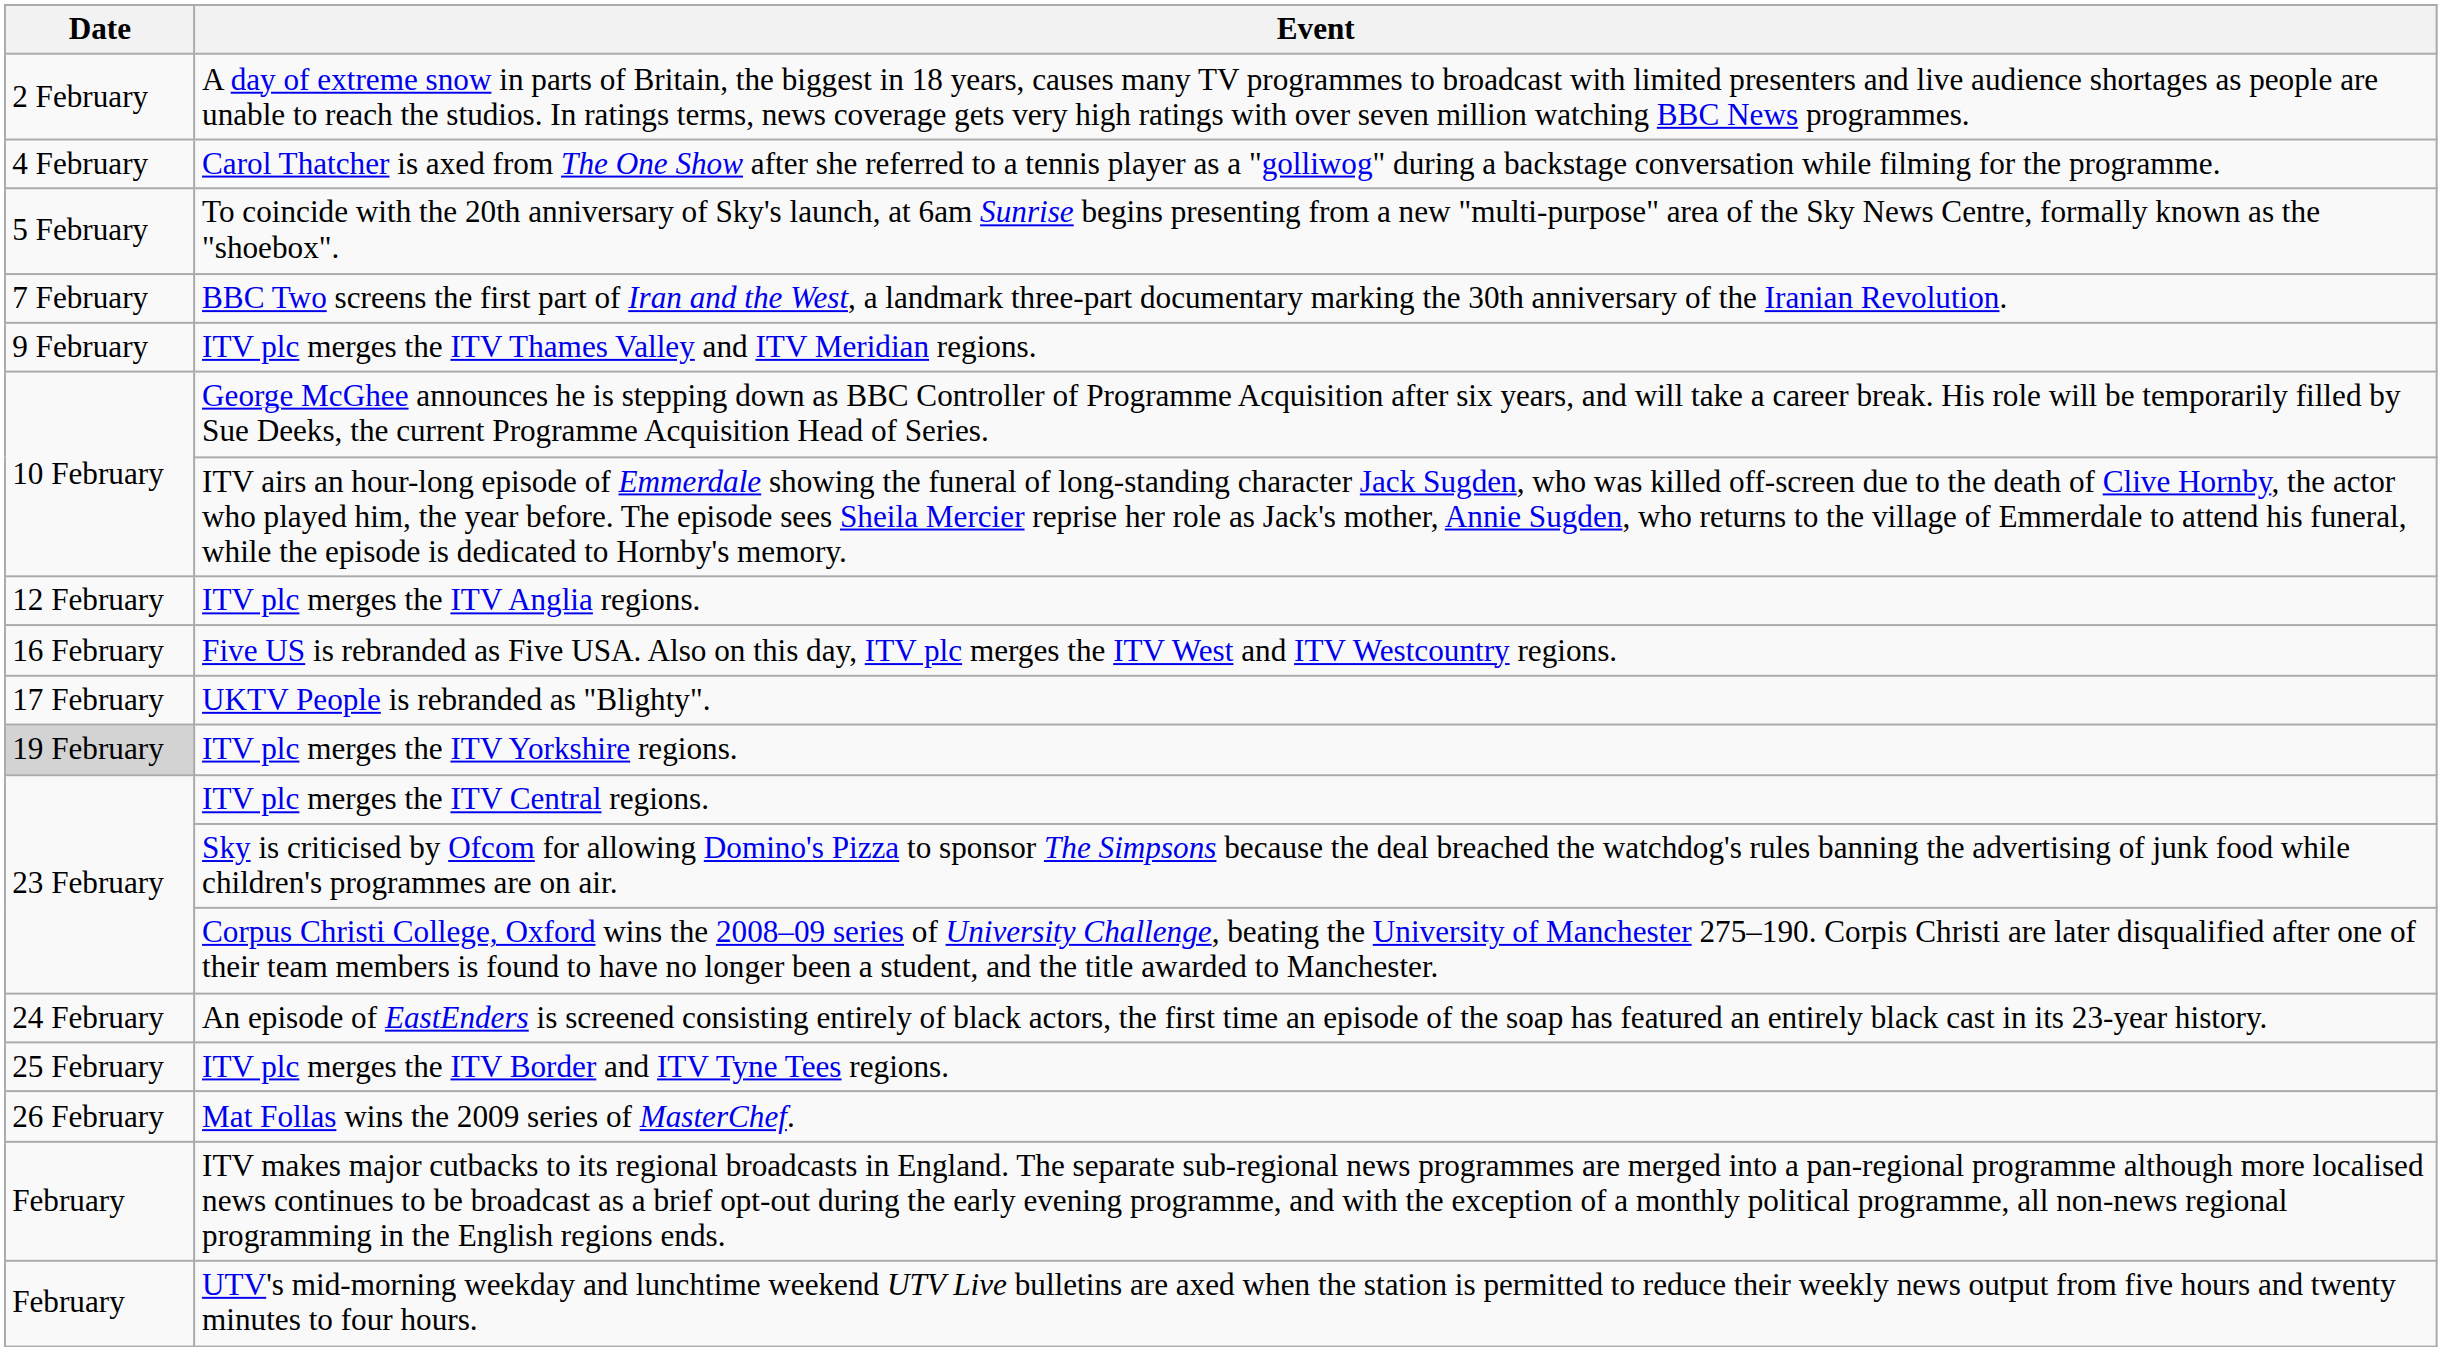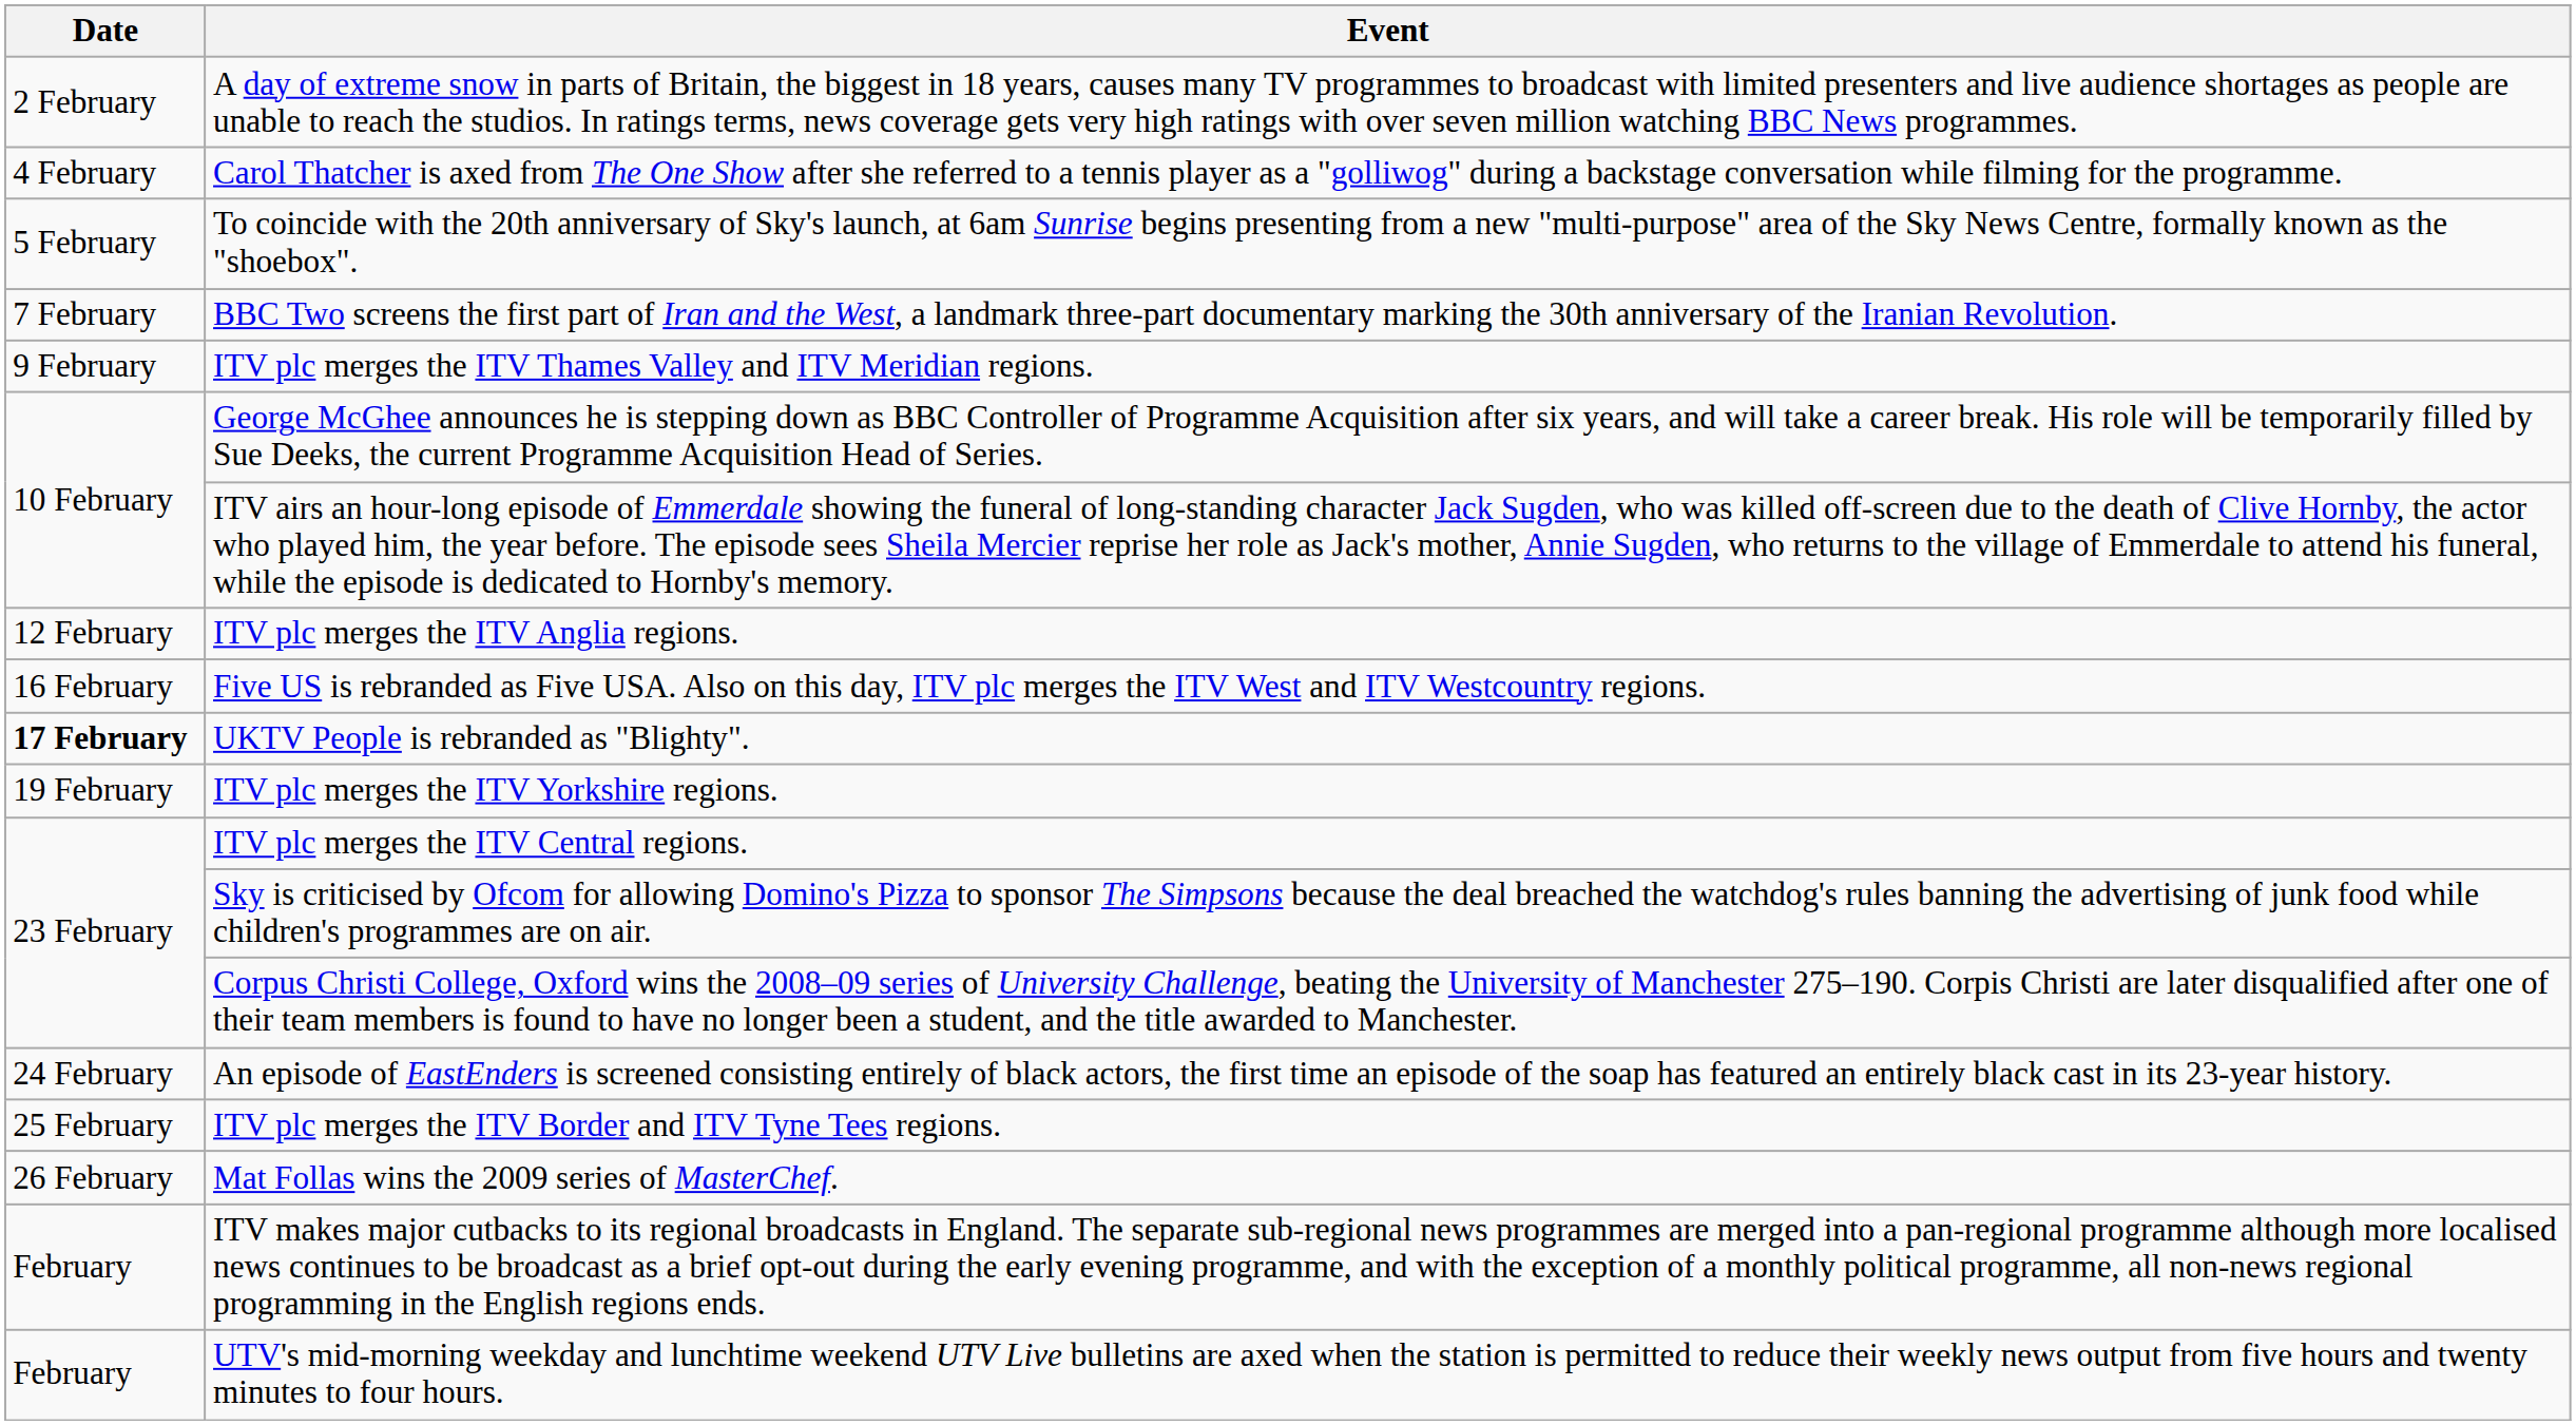 <table class="wikitable">
 <tr>
 <th width=90>Date</th>
 <th>Event</th>
 </tr>
 <tr>
 <td>2 February</td>
 <td>A <a href='#'>day of extreme snow</a> in parts of Britain, the biggest in 18 years, causes many TV programmes to broadcast with limited presenters and live audience shortages as people are unable to reach the studios. In ratings terms, news coverage gets very high ratings with over seven million watching <a href='#'>BBC News</a> programmes.</td>
 </tr>
 <tr>
 <td>4 February</td>
 <td><a href='#'>Carol Thatcher</a> is axed from <em><a href='#'>The One Show</a></em> after she referred to a tennis player as a "<a href='#'>golliwog</a>" during a backstage conversation while filming for the programme.</td>
 </tr>
 <tr>
 <td>5 February</td>
 <td>To coincide with the 20th anniversary of Sky's launch, at 6am <em><a href='#'>Sunrise</a></em> begins presenting from a new "multi-purpose" area of the Sky News Centre, formally known as the "shoebox".</td>
 </tr>
 <tr>
 <td>7 February</td>
 <td><a href='#'>BBC Two</a> screens the first part of <em><a href='#'>Iran and the West</a></em>, a landmark three-part documentary marking the 30th anniversary of the <a href='#'>Iranian Revolution</a>.</td>
 </tr>
 <tr>
 <td>9 February</td>
 <td><a href='#'>ITV plc</a> merges the <a href='#'>ITV Thames Valley</a> and <a href='#'>ITV Meridian</a> regions.</td>
 </tr>
 <tr>
 <td rowspan=2>10 February</td>
 <td><a href='#'>George McGhee</a> announces he is stepping down as BBC Controller of Programme Acquisition after six years, and will take a career break. His role will be temporarily filled by Sue Deeks, the current Programme Acquisition Head of Series.</td>
 </tr>
 <tr>
 <td>ITV airs an hour-long episode of <em><a href='#'>Emmerdale</a></em> showing the funeral of long-standing character <a href='#'>Jack Sugden</a>, who was killed off-screen due to the death of <a href='#'>Clive Hornby</a>, the actor who played him, the year before. The episode sees <a href='#'>Sheila Mercier</a> reprise her role as Jack's mother, <a href='#'>Annie Sugden</a>, who returns to the village of Emmerdale to attend his funeral, while the episode is dedicated to Hornby's memory.</td>
 </tr>
 <tr>
 <td>12 February</td>
 <td><a href='#'>ITV plc</a> merges the <a href='#'>ITV Anglia</a> regions.</td>
 </tr>
 <tr>
 <td>16 February</td>
 <td><a href='#'>Five US</a> is rebranded as Five USA. Also on this day, <a href='#'>ITV plc</a> merges the <a href='#'>ITV West</a> and <a href='#'>ITV Westcountry</a> regions.</td>
 </tr>
 <tr>
-<td>17 February</td>
+<td><strong>17 February</strong></td>
 <td><a href='#'>UKTV People</a> is rebranded as "Blighty".</td>
 </tr>
 <tr>
-<td style="background: lightgrey;">19 February</td>
+<td>19 February</td>
 <td><a href='#'>ITV plc</a> merges the <a href='#'>ITV Yorkshire</a> regions.</td>
 </tr>
 <tr>
 <td rowspan=3>23 February</td>
 <td><a href='#'>ITV plc</a> merges the <a href='#'>ITV Central</a> regions.</td>
 </tr>
 <tr>
 <td><a href='#'>Sky</a> is criticised by <a href='#'>Ofcom</a> for allowing <a href='#'>Domino's Pizza</a> to sponsor <em><a href='#'>The Simpsons</a></em> because the deal breached the watchdog's rules banning the advertising of junk food while children's programmes are on air.</td>
 </tr>
 <tr>
 <td><a href='#'>Corpus Christi College, Oxford</a> wins the <a href='#'>2008–09 series</a> of <em><a href='#'>University Challenge</a></em>, beating the <a href='#'>University of Manchester</a> 275–190. Corpis Christi are later disqualified after one of their team members is found to have no longer been a student, and the title awarded to Manchester.</td>
 </tr>
 <tr>
 <td>24 February</td>
 <td>An episode of <em><a href='#'>EastEnders</a></em> is screened consisting entirely of black actors, the first time an episode of the soap has featured an entirely black cast in its 23-year history.</td>
 </tr>
 <tr>
 <td>25 February</td>
 <td><a href='#'>ITV plc</a> merges the <a href='#'>ITV Border</a> and <a href='#'>ITV Tyne Tees</a> regions.</td>
 </tr>
 <tr>
 <td>26 February</td>
 <td><a href='#'>Mat Follas</a> wins the 2009 series of <em><a href='#'>MasterChef</a></em>.</td>
 </tr>
 <tr>
 <td>February</td>
 <td>ITV makes major cutbacks to its regional broadcasts in England. The separate sub-regional news programmes are merged into a pan-regional programme although more localised news continues to be broadcast as a brief opt-out during the early evening programme, and with the exception of a monthly political programme, all non-news regional programming in the English regions ends.</td>
 </tr>
 <tr>
 <td>February</td>
 <td><a href='#'>UTV</a>'s mid-morning weekday and lunchtime weekend <em>UTV Live</em> bulletins are axed when the station is permitted to reduce their weekly news output from five hours and twenty minutes to four hours.</td>
 </tr>
 </table>
